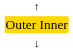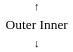 <table style="text-align:center;">
 <tr>
 <td><small>  ↑ </small></td>
 </tr>
 <tr>
-<td style="background: gold;"><span>Outer</span>   <span>Inner</span></td>
+<td><span>Outer</span>   <span>Inner</span></td>
 </tr>
 <tr>
 <td><small> ↓  </small></td>
 </tr>
 </table>
